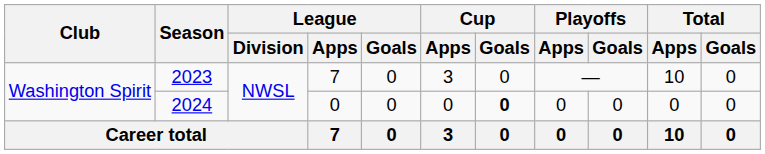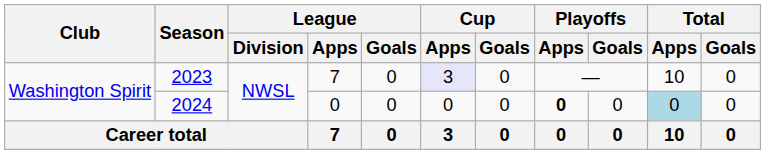 <table class="wikitable" style="text-align: center;">
 <tr>
 <th rowspan=2 scope="col">Club</th>
 <th rowspan=2 scope="col">Season</th>
 <th colspan=3 scope="col">League</th>
 <th colspan=2 scope="col">Cup</th>
 <th colspan=2 scope="col">Playoffs</th>
 <th colspan=2 scope="col">Total</th>
 </tr>
 <tr>
 <th>Division</th>
 <th>Apps</th>
 <th>Goals</th>
 <th>Apps</th>
 <th>Goals</th>
 <th>Apps</th>
 <th>Goals</th>
 <th>Apps</th>
 <th>Goals</th>
 </tr>
 <tr>
 <td rowspan="2"><a href='#'>Washington Spirit</a></td>
 <td><a href='#'>2023</a></td>
 <td rowspan="2"><a href='#'>NWSL</a></td>
 <td>7</td>
 <td>0</td>
-<td>3</td>
+<td style="background: lavender;">3</td>
 <td>0</td>
 <td colspan=2>—</td>
 <td>10</td>
 <td>0</td>
 </tr>
 <tr>
 <td><a href='#'>2024</a></td>
 <td>0</td>
 <td>0</td>
 <td>0</td>
+<td>0</td>
 <td><strong>0</strong></td>
 <td>0</td>
-<td>0</td>
-<td>0</td>
+<td style="background: lightblue;">0</td>
 <td>0</td>
 </tr>
 <tr>
 <th colspan=3>Career total</th>
 <th>7</th>
 <th>0</th>
 <th>3</th>
 <th>0</th>
 <th>0</th>
 <th>0</th>
 <th>10</th>
 <th>0</th>
 </tr>
 </table>
